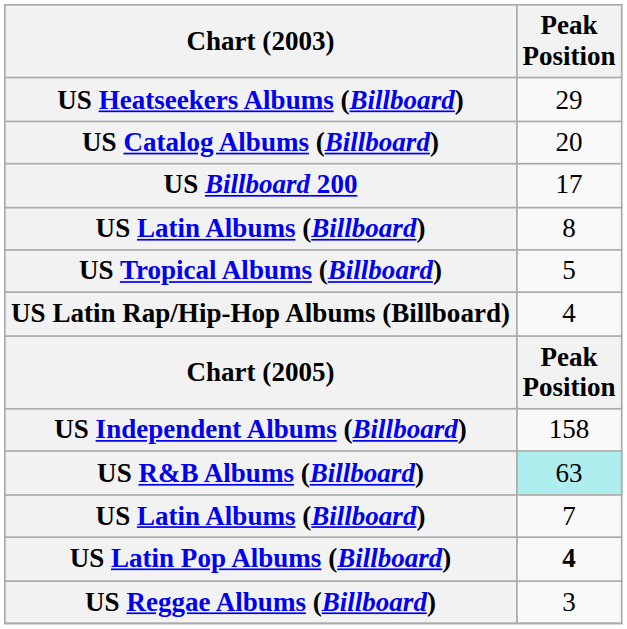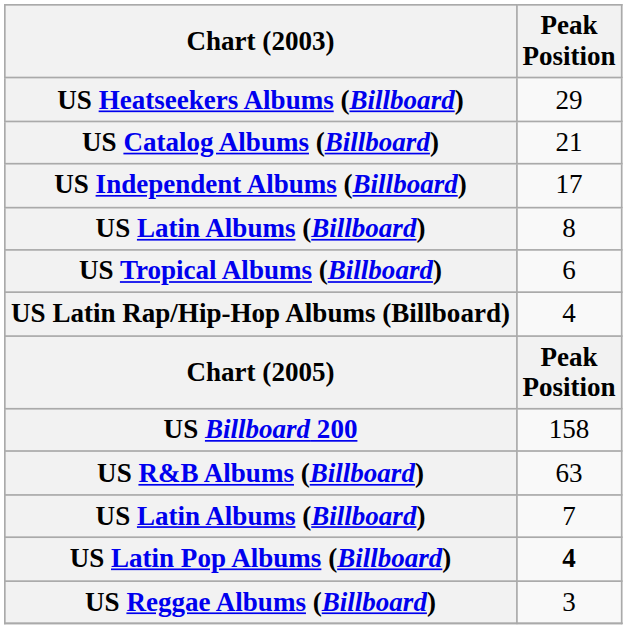 <table class="wikitable plainrowheaders" style="text-align:center;">
 <tr>
 <th scope="col">Chart (2003)</th>
 <th scope="col">Peak <br> Position</th>
 </tr>
 <tr>
 <th scope="row">US <a href='#'>Heatseekers Albums</a> (<em><a href='#'>Billboard</a></em>)</th>
 <td style="text-align:center;">29</td>
 </tr>
 <tr>
 <th scope="row">US <a href='#'>Catalog Albums</a> (<em><a href='#'>Billboard</a></em>)</th>
-<td style="text-align:center;">20</td>
+<td style="text-align:center;">21</td>
 </tr>
 <tr>
-<th scope="row">US <a href='#'><em>Billboard</em> 200</a></th>
+<th scope="row">US <a href='#'>Independent Albums</a> (<em><a href='#'>Billboard</a></em>)</th>
 <td style="text-align:center;">17</td>
 </tr>
 <tr>
 <th scope="row">US <a href='#'>Latin Albums</a> (<em><a href='#'>Billboard</a></em>)</th>
 <td style="text-align:center;">8</td>
 </tr>
 <tr>
 <th scope="row">US <a href='#'>Tropical Albums</a> (<em><a href='#'>Billboard</a></em>)</th>
-<td style="text-align:center;">5</td>
+<td style="text-align:center;">6</td>
 </tr>
 <tr>
 <th scope="row">US Latin Rap/Hip-Hop Albums (Billboard)</th>
 <td>4</td>
 </tr>
 <tr>
 <th scope="col">Chart (2005)</th>
 <th scope="col">Peak <br> Position</th>
 </tr>
 <tr>
-<th scope="row">US <a href='#'>Independent Albums</a> (<em><a href='#'>Billboard</a></em>)</th>
+<th scope="row">US <a href='#'><em>Billboard</em> 200</a></th>
 <td style="text-align:center;">158</td>
 </tr>
 <tr>
 <th scope="row">US <a href='#'>R&B Albums</a> (<em><a href='#'>Billboard</a></em>)</th>
-<td style="background: paleturquoise; text-align:center;">63</td>
+<td style="text-align:center;">63</td>
 </tr>
 <tr>
 <th scope="row">US <a href='#'>Latin Albums</a> (<em><a href='#'>Billboard</a></em>)</th>
 <td style="text-align:center;">7</td>
 </tr>
 <tr>
 <th scope="row">US <a href='#'>Latin Pop Albums</a> (<em><a href='#'>Billboard</a></em>)</th>
 <td style="text-align:center;"><strong>4</strong></td>
 </tr>
 <tr>
 <th scope="row">US <a href='#'>Reggae Albums</a> (<em><a href='#'>Billboard</a></em>)</th>
 <td style="text-align:center;">3</td>
 </tr>
 <tr>
 </tr>
 </table>
